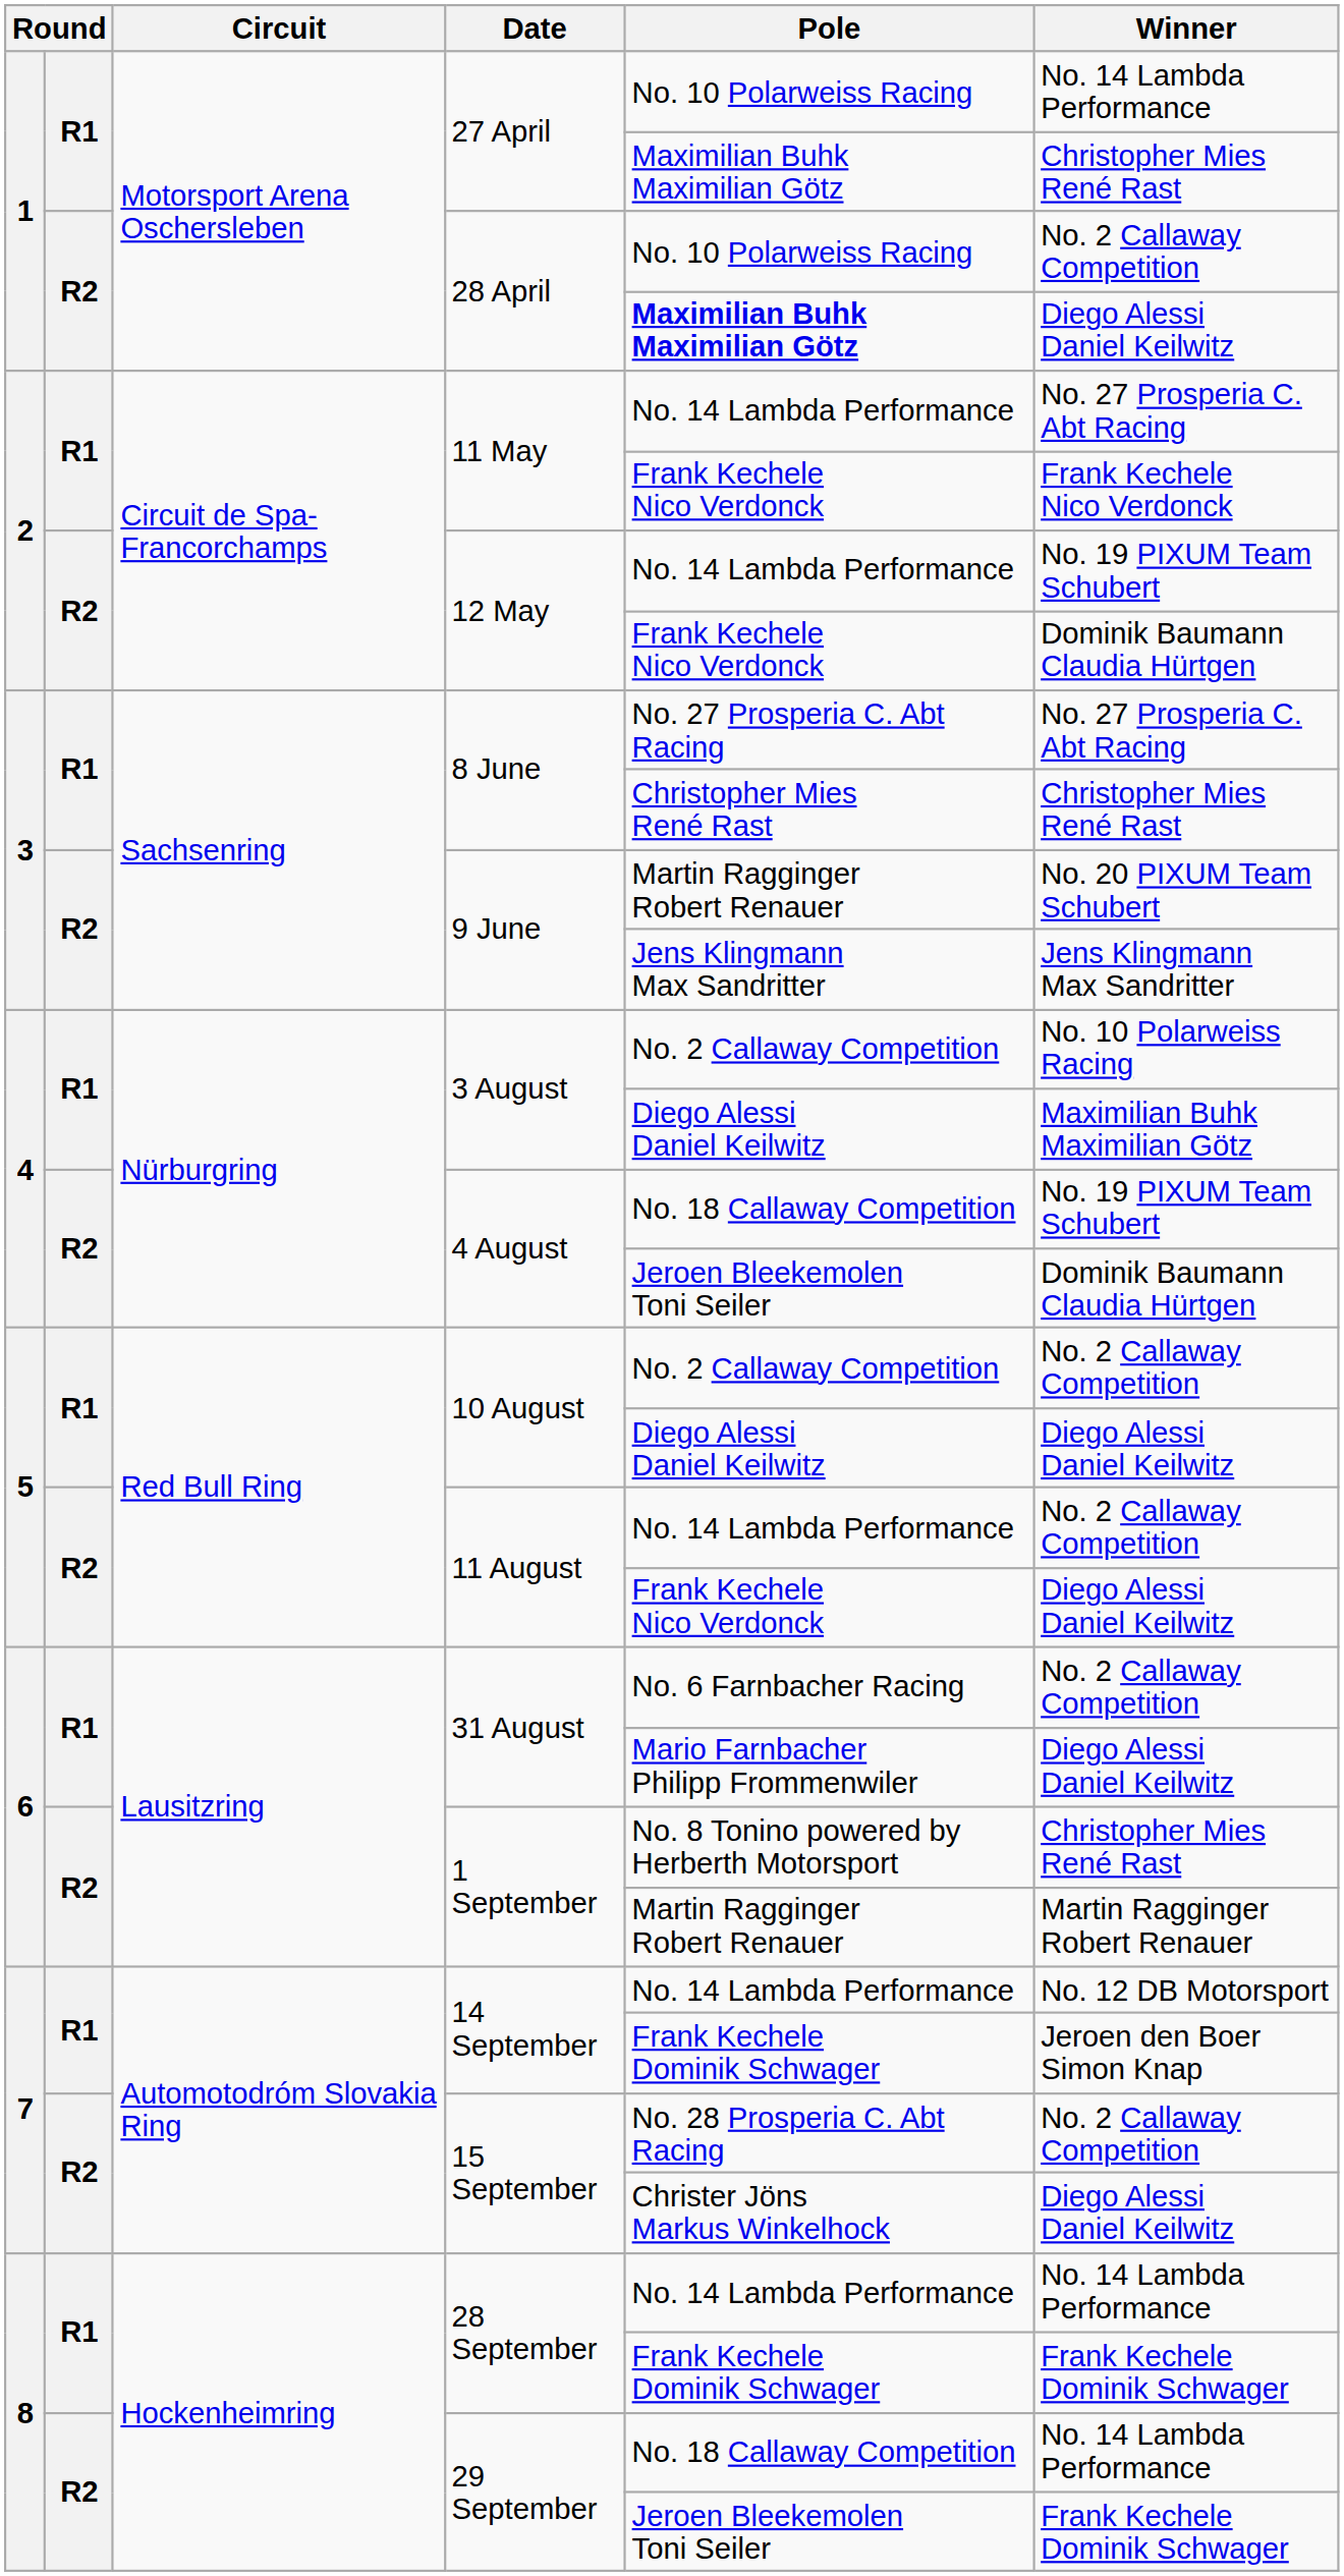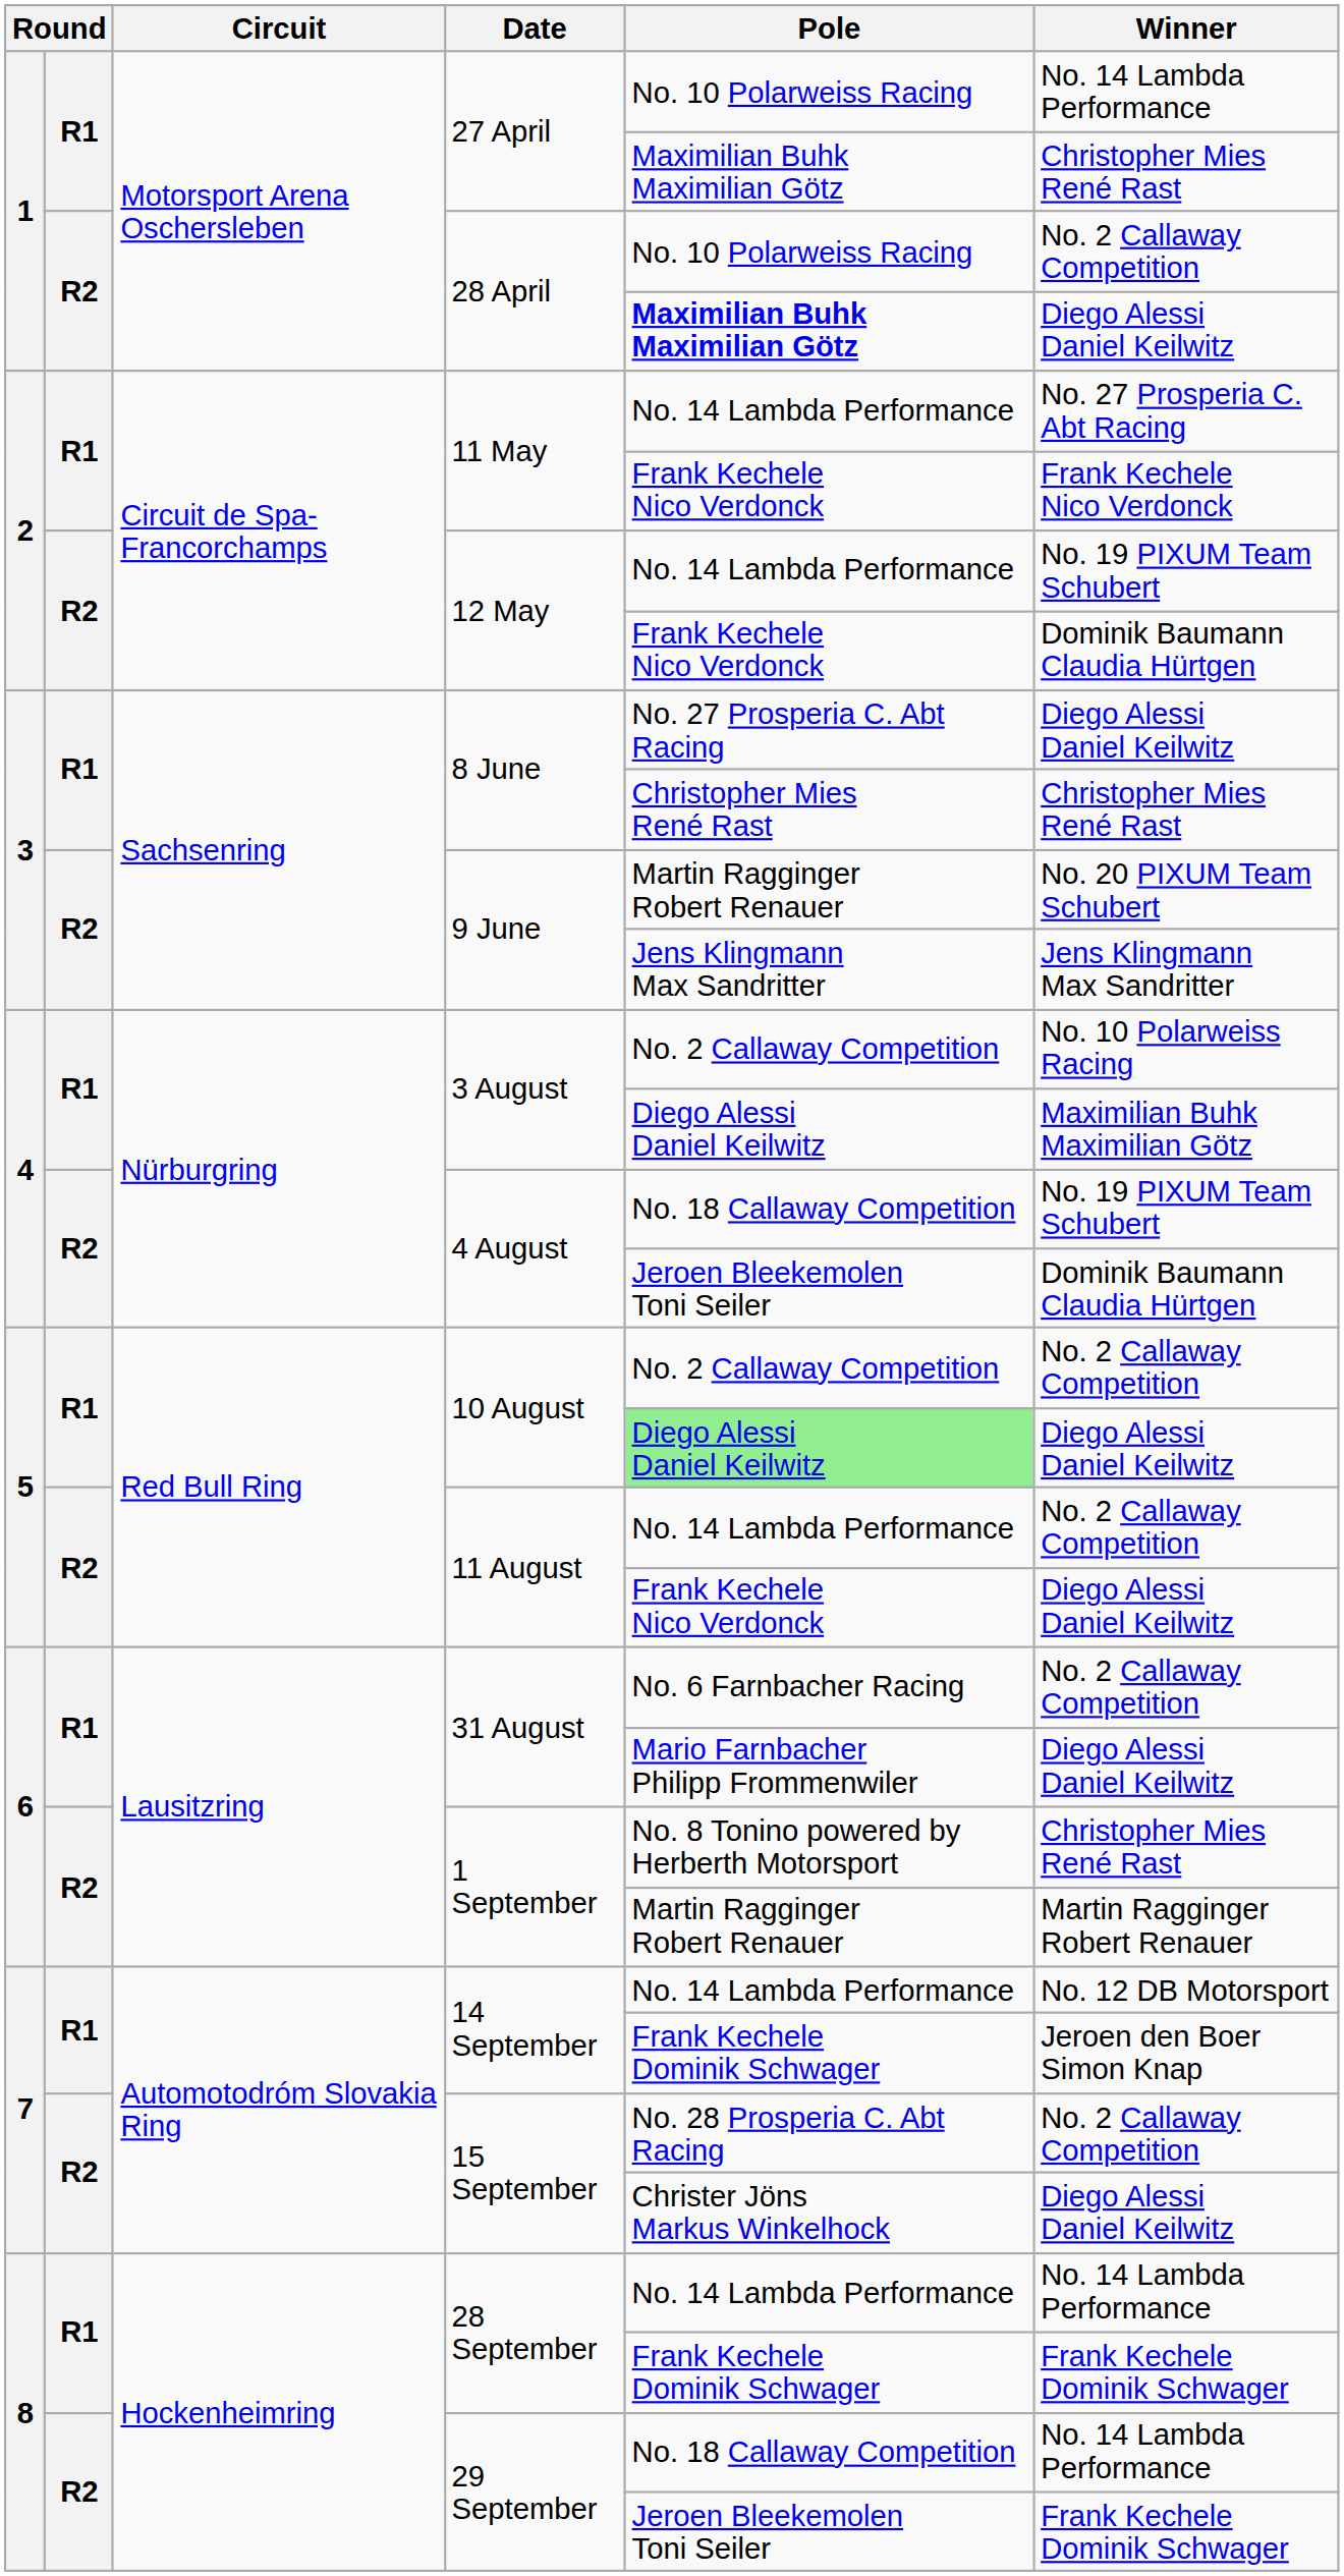 <table class="wikitable" style="font-size: 85%;">
 <tr>
 <th colspan=2>Round</th>
 <th>Circuit</th>
 <th>Date</th>
 <th>Pole</th>
 <th>Winner</th>
 </tr>
 <tr>
 <th rowspan=4>1</th>
 <th rowspan=2>R1</th>
 <td rowspan=4> <a href='#'>Motorsport Arena Oschersleben</a></td>
 <td rowspan=2>27 April</td>
 <td>No. 10 <a href='#'>Polarweiss Racing</a></td>
 <td>No. 14 Lambda Performance</td>
 </tr>
 <tr>
 <td> <a href='#'>Maximilian Buhk</a><br> <a href='#'>Maximilian Götz</a></td>
 <td> <a href='#'>Christopher Mies</a><br> <a href='#'>René Rast</a></td>
 </tr>
 <tr>
 <th rowspan=2>R2</th>
 <td rowspan=2>28 April</td>
 <td>No. 10 <a href='#'>Polarweiss Racing</a></td>
 <td>No. 2 <a href='#'>Callaway Competition</a></td>
 </tr>
 <tr>
 <td><strong> <a href='#'>Maximilian Buhk</a><br> <a href='#'>Maximilian Götz</a></strong></td>
 <td> <a href='#'>Diego Alessi</a><br> <a href='#'>Daniel Keilwitz</a></td>
 </tr>
 <tr>
 <th rowspan=4>2</th>
 <th rowspan=2>R1</th>
 <td rowspan=4> <a href='#'>Circuit de Spa-Francorchamps</a></td>
 <td rowspan=2>11 May</td>
 <td>No. 14 Lambda Performance</td>
 <td>No. 27 <a href='#'>Prosperia C. Abt Racing</a></td>
 </tr>
 <tr>
 <td> <a href='#'>Frank Kechele</a><br> <a href='#'>Nico Verdonck</a></td>
 <td> <a href='#'>Frank Kechele</a><br> <a href='#'>Nico Verdonck</a></td>
 </tr>
 <tr>
 <th rowspan=2>R2</th>
 <td rowspan=2>12 May</td>
 <td>No. 14 Lambda Performance</td>
 <td>No. 19 <a href='#'>PIXUM Team Schubert</a></td>
 </tr>
 <tr>
 <td> <a href='#'>Frank Kechele</a><br> <a href='#'>Nico Verdonck</a></td>
 <td> Dominik Baumann<br> <a href='#'>Claudia Hürtgen</a></td>
 </tr>
 <tr>
 <th rowspan=4>3</th>
 <th rowspan=2>R1</th>
 <td rowspan=4> <a href='#'>Sachsenring</a></td>
 <td rowspan=2>8 June</td>
 <td>No. 27 <a href='#'>Prosperia C. Abt Racing</a></td>
-<td>No. 27 <a href='#'>Prosperia C. Abt Racing</a></td>
+<td> <a href='#'>Diego Alessi</a><br> <a href='#'>Daniel Keilwitz</a></td>
 </tr>
 <tr>
 <td> <a href='#'>Christopher Mies</a><br> <a href='#'>René Rast</a></td>
 <td> <a href='#'>Christopher Mies</a><br> <a href='#'>René Rast</a></td>
 </tr>
 <tr>
 <th rowspan=2>R2</th>
 <td rowspan=2>9 June</td>
 <td> Martin Ragginger<br> Robert Renauer</td>
 <td>No. 20 <a href='#'>PIXUM Team Schubert</a></td>
 </tr>
 <tr>
 <td> <a href='#'>Jens Klingmann</a><br> Max Sandritter</td>
 <td> <a href='#'>Jens Klingmann</a><br> Max Sandritter</td>
 </tr>
 <tr>
 <th rowspan=4>4</th>
 <th rowspan=2>R1</th>
 <td rowspan=4> <a href='#'>Nürburgring</a></td>
 <td rowspan=2>3 August</td>
 <td>No. 2 <a href='#'>Callaway Competition</a></td>
 <td>No. 10 <a href='#'>Polarweiss Racing</a></td>
 </tr>
 <tr>
 <td> <a href='#'>Diego Alessi</a><br> <a href='#'>Daniel Keilwitz</a></td>
 <td> <a href='#'>Maximilian Buhk</a><br> <a href='#'>Maximilian Götz</a></td>
 </tr>
 <tr>
 <th rowspan=2>R2</th>
 <td rowspan=2>4 August</td>
 <td>No. 18 <a href='#'>Callaway Competition</a></td>
 <td>No. 19 <a href='#'>PIXUM Team Schubert</a></td>
 </tr>
 <tr>
 <td> <a href='#'>Jeroen Bleekemolen</a><br> Toni Seiler</td>
 <td> Dominik Baumann<br> <a href='#'>Claudia Hürtgen</a></td>
 </tr>
 <tr>
 <th rowspan=4>5</th>
 <th rowspan=2>R1</th>
 <td rowspan=4> <a href='#'>Red Bull Ring</a></td>
 <td rowspan=2>10 August</td>
 <td>No. 2 <a href='#'>Callaway Competition</a></td>
 <td>No. 2 <a href='#'>Callaway Competition</a></td>
 </tr>
 <tr>
-<td> <a href='#'>Diego Alessi</a><br> <a href='#'>Daniel Keilwitz</a></td>
+<td style="background: lightgreen;"> <a href='#'>Diego Alessi</a><br> <a href='#'>Daniel Keilwitz</a></td>
 <td> <a href='#'>Diego Alessi</a><br> <a href='#'>Daniel Keilwitz</a></td>
 </tr>
 <tr>
 <th rowspan=2>R2</th>
 <td rowspan=2>11 August</td>
 <td>No. 14 Lambda Performance</td>
 <td>No. 2 <a href='#'>Callaway Competition</a></td>
 </tr>
 <tr>
 <td> <a href='#'>Frank Kechele</a><br> <a href='#'>Nico Verdonck</a></td>
 <td> <a href='#'>Diego Alessi</a><br> <a href='#'>Daniel Keilwitz</a></td>
 </tr>
 <tr>
 <th rowspan=4>6</th>
 <th rowspan=2>R1</th>
 <td rowspan=4> <a href='#'>Lausitzring</a></td>
 <td rowspan=2>31 August</td>
 <td>No. 6 Farnbacher Racing</td>
 <td>No. 2 <a href='#'>Callaway Competition</a></td>
 </tr>
 <tr>
 <td> <a href='#'>Mario Farnbacher</a><br> Philipp Frommenwiler</td>
 <td> <a href='#'>Diego Alessi</a><br> <a href='#'>Daniel Keilwitz</a></td>
 </tr>
 <tr>
 <th rowspan=2>R2</th>
 <td rowspan=2>1 September</td>
 <td>No. 8 Tonino powered by Herberth Motorsport</td>
 <td> <a href='#'>Christopher Mies</a><br> <a href='#'>René Rast</a></td>
 </tr>
 <tr>
 <td> Martin Ragginger<br> Robert Renauer</td>
 <td> Martin Ragginger<br> Robert Renauer</td>
 </tr>
 <tr>
 <th rowspan=4>7</th>
 <th rowspan=2>R1</th>
 <td rowspan=4> <a href='#'>Automotodróm Slovakia Ring</a></td>
 <td rowspan=2>14 September</td>
 <td>No. 14 Lambda Performance</td>
 <td>No. 12 DB Motorsport</td>
 </tr>
 <tr>
 <td> <a href='#'>Frank Kechele</a><br> <a href='#'>Dominik Schwager</a></td>
 <td> Jeroen den Boer<br> Simon Knap</td>
 </tr>
 <tr>
 <th rowspan=2>R2</th>
 <td rowspan=2>15 September</td>
 <td>No. 28 <a href='#'>Prosperia C. Abt Racing</a></td>
 <td>No. 2 <a href='#'>Callaway Competition</a></td>
 </tr>
 <tr>
 <td> Christer Jöns<br> <a href='#'>Markus Winkelhock</a></td>
 <td> <a href='#'>Diego Alessi</a><br> <a href='#'>Daniel Keilwitz</a></td>
 </tr>
 <tr>
 <th rowspan=4>8</th>
 <th rowspan=2>R1</th>
 <td rowspan=4> <a href='#'>Hockenheimring</a></td>
 <td rowspan=2>28 September</td>
 <td>No. 14 Lambda Performance</td>
 <td>No. 14 Lambda Performance</td>
 </tr>
 <tr>
 <td> <a href='#'>Frank Kechele</a><br> <a href='#'>Dominik Schwager</a></td>
 <td> <a href='#'>Frank Kechele</a><br> <a href='#'>Dominik Schwager</a></td>
 </tr>
 <tr>
 <th rowspan=2>R2</th>
 <td rowspan=2>29 September</td>
 <td>No. 18 <a href='#'>Callaway Competition</a></td>
 <td>No. 14 Lambda Performance</td>
 </tr>
 <tr>
 <td> <a href='#'>Jeroen Bleekemolen</a><br> Toni Seiler</td>
 <td> <a href='#'>Frank Kechele</a><br> <a href='#'>Dominik Schwager</a></td>
 </tr>
 </table>
